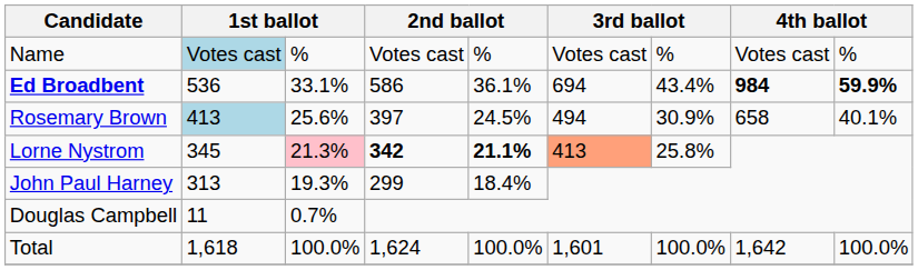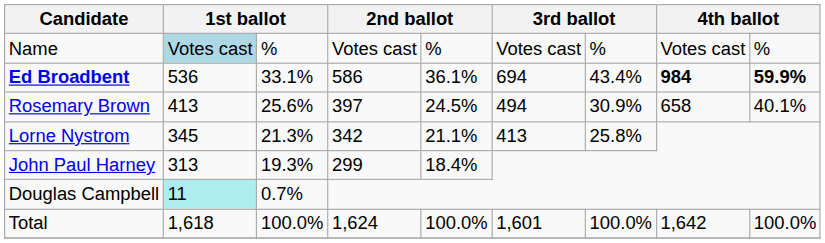 <table class="wikitable">
 <tr>
 <th colspan = "1">Candidate</th>
 <th colspan = "2">1st ballot</th>
 <th colspan = "2">2nd ballot</th>
 <th colspan = "2">3rd ballot</th>
 <th colspan = "2">4th ballot</th>
 </tr>
 <tr>
 <td>Name</td>
 <td style="background: lightblue;">Votes cast</td>
 <td>%</td>
 <td>Votes cast</td>
 <td>%</td>
 <td>Votes cast</td>
 <td>%</td>
 <td>Votes cast</td>
 <td>%</td>
 </tr>
 <tr>
 <td><strong><a href='#'>Ed Broadbent</a></strong></td>
 <td>536</td>
 <td>33.1%</td>
 <td>586</td>
 <td>36.1%</td>
 <td>694</td>
 <td>43.4%</td>
 <td><strong>984</strong></td>
 <td><strong>59.9%</strong></td>
 </tr>
 <tr>
 <td><a href='#'>Rosemary Brown</a></td>
-<td style="background: lightblue;">413</td>
+<td>413</td>
 <td>25.6%</td>
 <td>397</td>
 <td>24.5%</td>
 <td>494</td>
 <td>30.9%</td>
 <td>658</td>
 <td>40.1%</td>
 </tr>
 <tr>
 <td><a href='#'>Lorne Nystrom</a></td>
 <td>345</td>
-<td style="background: pink;">21.3%</td>
-<td><strong>342</strong></td>
-<td><strong>21.1%</strong></td>
-<td style="background: lightsalmon;">413</td>
+<td>21.3%</td>
+<td>342</td>
+<td>21.1%</td>
+<td>413</td>
 <td>25.8%</td>
 </tr>
 <tr>
 <td><a href='#'>John Paul Harney</a></td>
 <td>313</td>
 <td>19.3%</td>
 <td>299</td>
 <td>18.4%</td>
 </tr>
 <tr>
 <td>Douglas Campbell</td>
-<td>11</td>
+<td style="background: paleturquoise;">11</td>
 <td>0.7%</td>
 </tr>
 <tr>
 <td>Total</td>
 <td>1,618</td>
 <td>100.0%</td>
 <td>1,624</td>
 <td>100.0%</td>
 <td>1,601</td>
 <td>100.0%</td>
 <td>1,642</td>
 <td>100.0%</td>
 </tr>
 <tr>
 </tr>
 </table>
